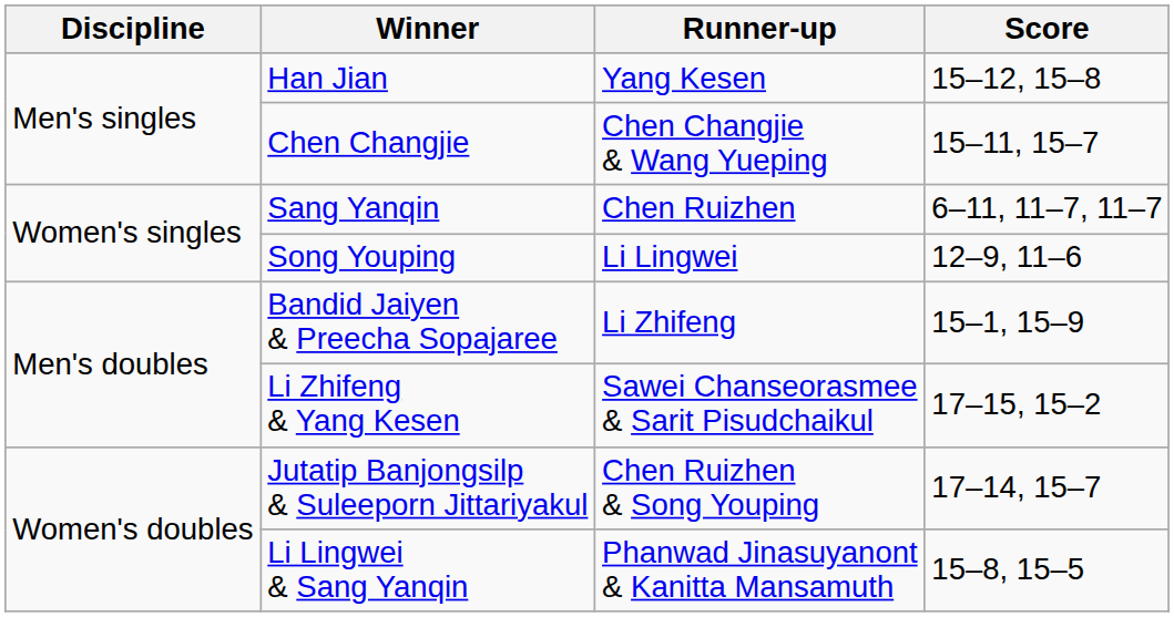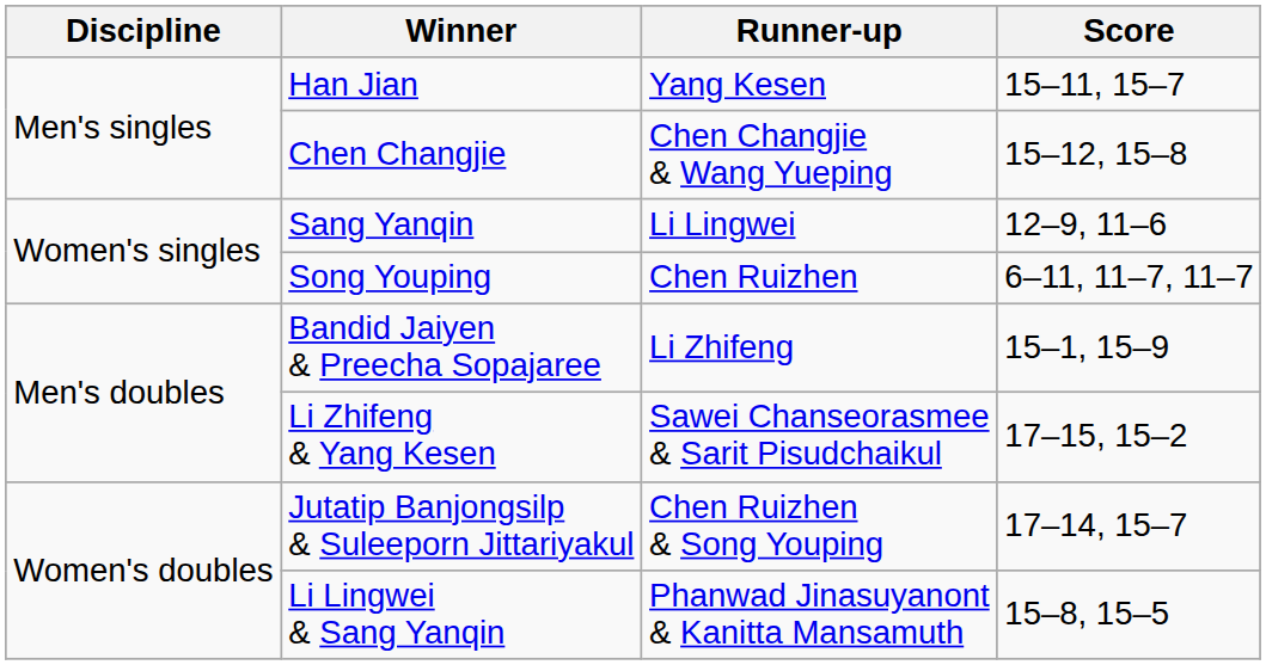 <table class="wikitable">
 <tr>
 <th>Discipline</th>
 <th>Winner</th>
 <th>Runner-up</th>
 <th>Score</th>
 </tr>
 <tr>
 <td rowspan=2>Men's singles</td>
 <td> <a href='#'>Han Jian</a></td>
 <td> <a href='#'>Yang Kesen</a></td>
-<td>15–12, 15–8</td>
+<td>15–11, 15–7</td>
 </tr>
 <tr>
 <td> <a href='#'>Chen Changjie</a></td>
 <td> <a href='#'>Chen Changjie</a> <br> & <a href='#'>Wang Yueping</a></td>
-<td>15–11, 15–7</td>
+<td>15–12, 15–8</td>
 </tr>
 <tr>
 <td rowspan=2>Women's singles</td>
 <td> <a href='#'>Sang Yanqin</a></td>
-<td> <a href='#'>Chen Ruizhen</a></td>
-<td>6–11, 11–7, 11–7</td>
+<td> <a href='#'>Li Lingwei</a></td>
+<td>12–9, 11–6</td>
 </tr>
 <tr>
 <td> <a href='#'>Song Youping</a></td>
-<td> <a href='#'>Li Lingwei</a></td>
-<td>12–9, 11–6</td>
+<td> <a href='#'>Chen Ruizhen</a></td>
+<td>6–11, 11–7, 11–7</td>
 </tr>
 <tr>
 <td rowspan=2>Men's doubles</td>
 <td> <a href='#'>Bandid Jaiyen</a><br> & <a href='#'>Preecha Sopajaree</a></td>
 <td> <a href='#'>Li Zhifeng</a></td>
 <td>15–1, 15–9</td>
 </tr>
 <tr>
 <td> <a href='#'>Li Zhifeng</a> <br> & <a href='#'>Yang Kesen</a></td>
 <td> <a href='#'>Sawei Chanseorasmee</a><br> & <a href='#'>Sarit Pisudchaikul</a></td>
 <td>17–15, 15–2</td>
 </tr>
 <tr>
 <td rowspan=2>Women's doubles</td>
 <td> <a href='#'>Jutatip Banjongsilp</a><br> & <a href='#'>Suleeporn Jittariyakul</a></td>
 <td> <a href='#'>Chen Ruizhen</a><br> & <a href='#'>Song Youping</a></td>
 <td>17–14, 15–7</td>
 </tr>
 <tr>
 <td> <a href='#'>Li Lingwei</a><br> & <a href='#'>Sang Yanqin</a></td>
 <td> <a href='#'>Phanwad Jinasuyanont</a><br> & <a href='#'>Kanitta Mansamuth</a></td>
 <td>15–8, 15–5</td>
 </tr>
 </table>
